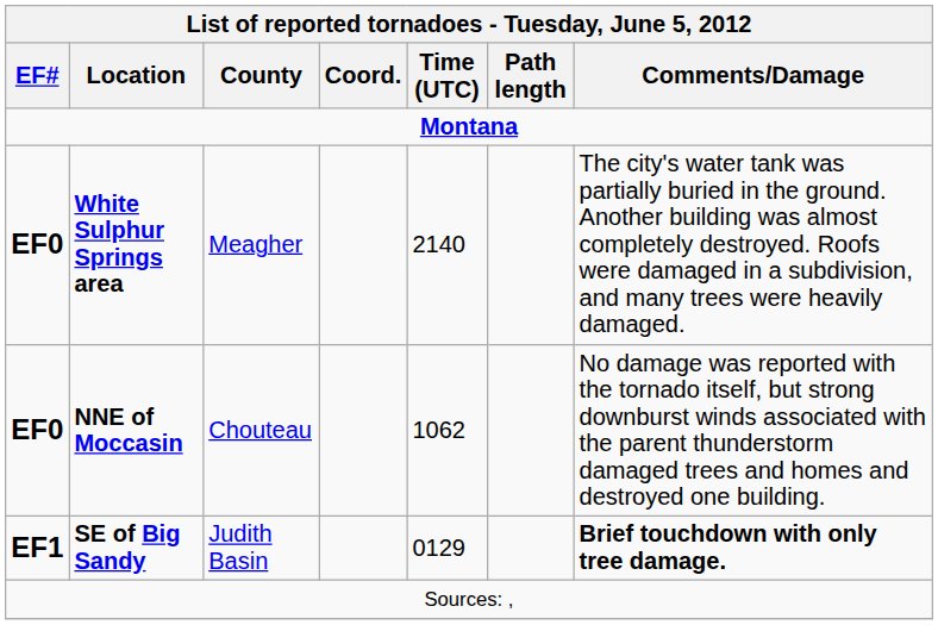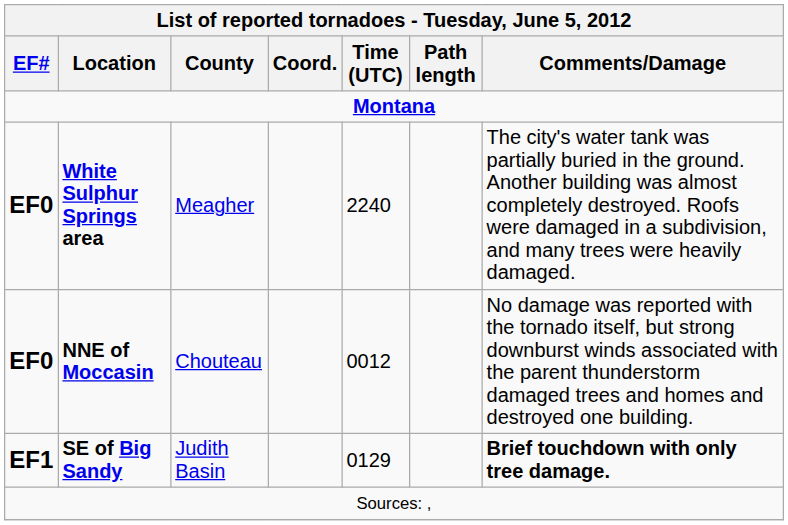 <table class="wikitable collapsible" width="100%">
 <tr>
 <th colspan="7">List of reported tornadoes - Tuesday, June 5, 2012</th>
 </tr>
 <tr>
 <th><a href='#'>EF#</a></th>
 <th>Location</th>
 <th>County</th>
 <th>Coord.</th>
 <th>Time (UTC)</th>
 <th>Path length</th>
 <th>Comments/Damage</th>
 </tr>
 <tr>
 <td colspan="7" align=center><strong><a href='#'>Montana</a></strong></td>
 </tr>
 <tr>
 <td><big><strong>EF0</strong></big></td>
 <td><strong><a href='#'>White Sulphur Springs</a> area</strong></td>
 <td><a href='#'>Meagher</a></td>
 <td></td>
-<td>2140</td>
+<td>2240</td>
 <td></td>
 <td>The city's water tank was partially buried in the ground. Another building was almost completely destroyed. Roofs were damaged in a subdivision, and many trees were heavily damaged.</td>
 </tr>
 <tr>
 <td><big><strong>EF0</strong></big></td>
 <td><strong>NNE of <a href='#'>Moccasin</a></strong></td>
 <td><a href='#'>Chouteau</a></td>
 <td></td>
-<td>1062</td>
+<td>0012</td>
 <td></td>
 <td>No damage was reported with the tornado itself, but strong downburst winds associated with the parent thunderstorm damaged trees and homes and destroyed one building.</td>
 </tr>
 <tr>
 <td><big><strong>EF1</strong></big></td>
 <td><strong>SE of <a href='#'>Big Sandy</a></strong></td>
 <td><a href='#'>Judith Basin</a></td>
 <td></td>
 <td>0129</td>
 <td></td>
 <td><strong>Brief touchdown with only tree damage.</strong></td>
 </tr>
 <tr>
 <td colspan="7" align=center><small>Sources: , </small></td>
 </tr>
 <tr>
 </tr>
 </table>
